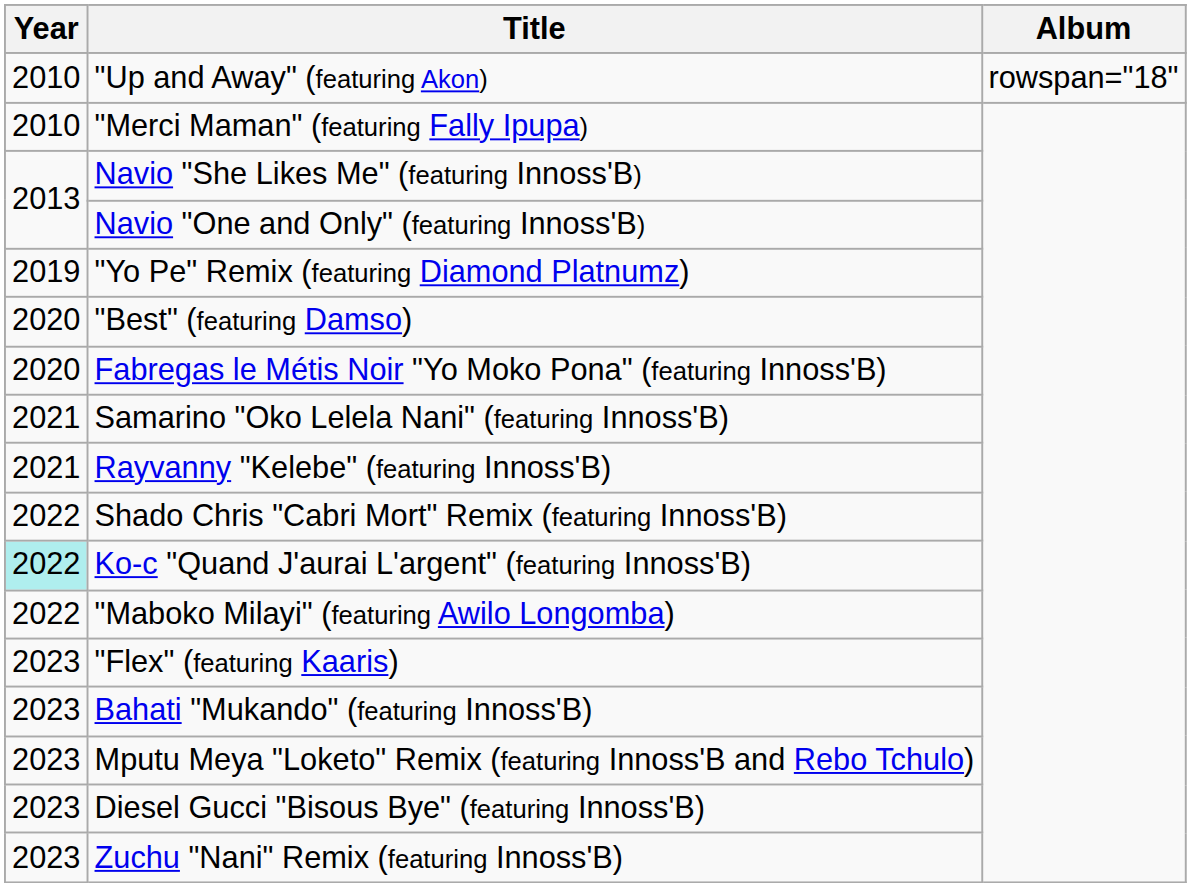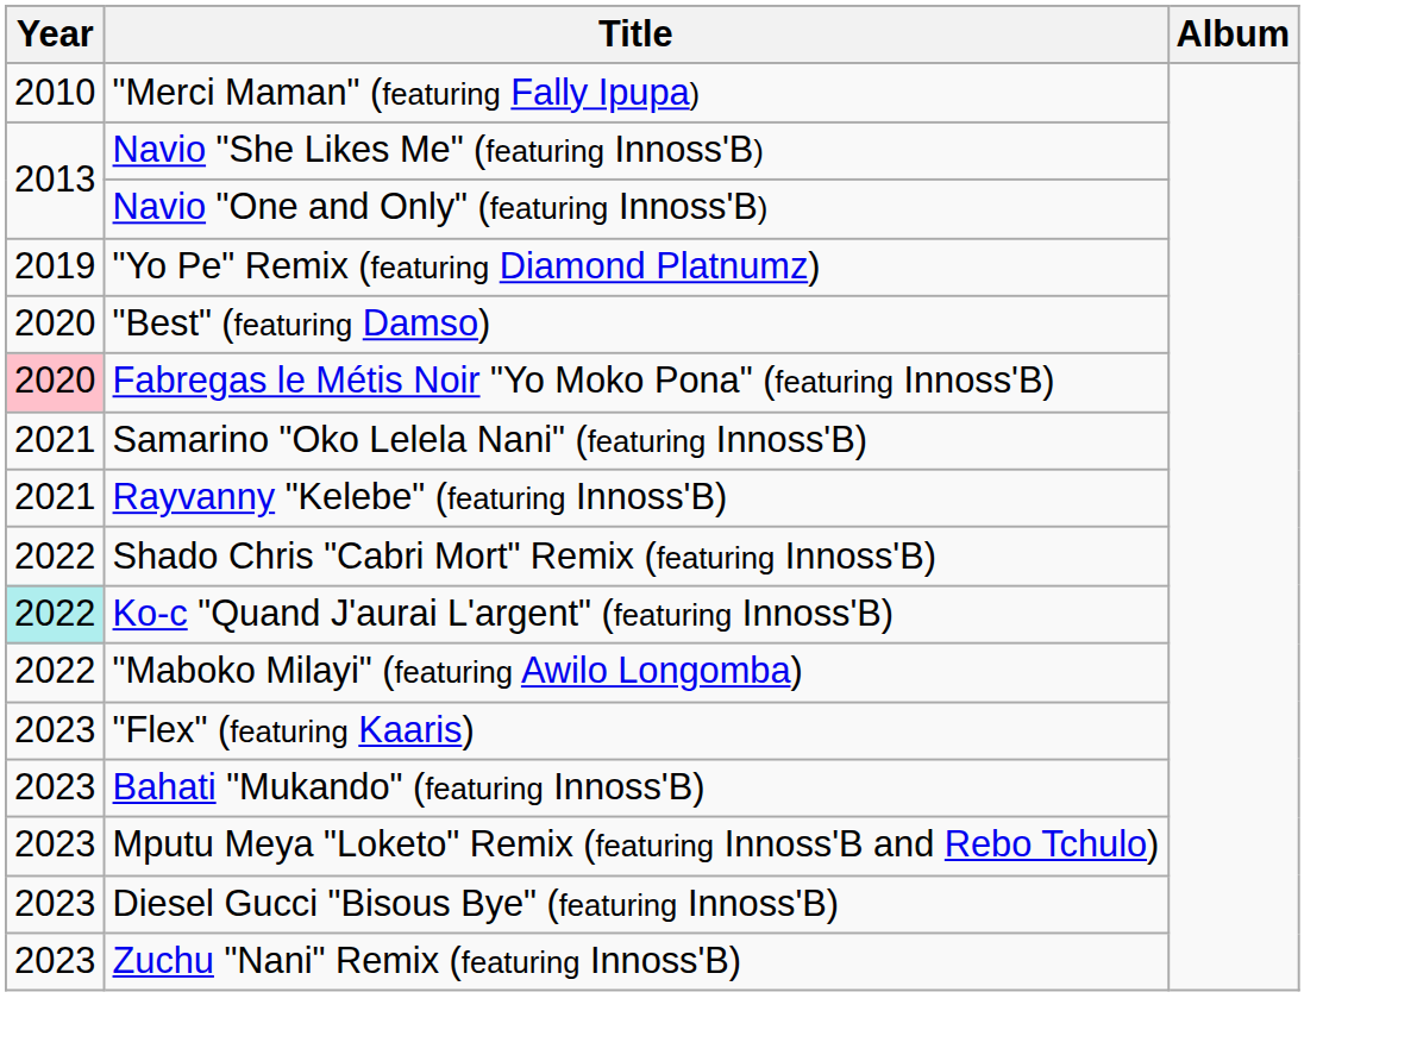 <table class="wikitable sortable">
 <tr>
 <th>Year</th>
 <th>Title</th>
 <th>Album</th>
-</tr>
-<tr>
-<td>2010</td>
-<td>"Up and Away" (<small>featuring <a href='#'>Akon</a>)</small></td>
-<td>rowspan="18"</td>
 </tr>
 <tr>
 <td>2010</td>
 <td>"Merci Maman" (<small>featuring</small> <a href='#'>Fally Ipupa</a><small>)</small></td>
 </tr>
 <tr>
 <td rowspan="2">2013</td>
 <td><a href='#'>Navio</a> "She Likes Me" (<small>featuring</small> Innoss'B<small>)</small></td>
 </tr>
 <tr>
 <td><a href='#'>Navio</a>  "One and Only" (<small>featuring</small> Innoss'B<small>)</small></td>
 </tr>
 <tr>
 <td>2019</td>
 <td>"Yo Pe" Remix (<small>featuring</small> <a href='#'>Diamond Platnumz</a>)</td>
 </tr>
 <tr>
 <td>2020</td>
 <td>"Best" (<small>featuring</small> <a href='#'>Damso</a>)</td>
 </tr>
 <tr>
-<td>2020</td>
+<td style="background: pink;">2020</td>
 <td><a href='#'>Fabregas le Métis Noir</a> "Yo Moko Pona" (<small>featuring</small> Innoss'B)</td>
 </tr>
 <tr>
 <td>2021</td>
 <td>Samarino "Oko Lelela Nani" (<small>featuring</small> Innoss'B)</td>
 </tr>
 <tr>
 <td>2021</td>
 <td><a href='#'>Rayvanny</a> "Kelebe" (<small>featuring</small> Innoss'B)</td>
 </tr>
 <tr>
 <td>2022</td>
 <td>Shado Chris "Cabri Mort" Remix (<small>featuring</small> Innoss'B)</td>
 </tr>
 <tr>
 <td style="background: paleturquoise;">2022</td>
 <td><a href='#'>Ko-c</a> "Quand J'aurai L'argent" (<small>featuring</small> Innoss'B)</td>
 </tr>
 <tr>
 <td>2022</td>
 <td>"Maboko Milayi" (<small>featuring</small> <a href='#'>Awilo Longomba</a>)</td>
 </tr>
 <tr>
 <td>2023</td>
 <td>"Flex" (<small>featuring</small> <a href='#'>Kaaris</a>)</td>
 </tr>
 <tr>
 <td>2023</td>
 <td><a href='#'>Bahati</a> "Mukando" (<small>featuring</small> Innoss'B)</td>
 </tr>
 <tr>
 <td>2023</td>
 <td>Mputu Meya "Loketo" Remix (<small>featuring</small> Innoss'B and <a href='#'>Rebo Tchulo</a>)</td>
 </tr>
 <tr>
 <td>2023</td>
 <td>Diesel Gucci "Bisous Bye" (<small>featuring</small> Innoss'B)</td>
 </tr>
 <tr>
 <td>2023</td>
 <td><a href='#'>Zuchu</a> "Nani" Remix (<small>featuring</small> Innoss'B)</td>
 </tr>
 </table>
